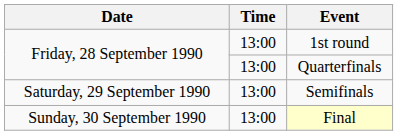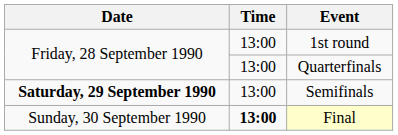 <table class = "wikitable" style="text-align:center;">
 <tr>
 <th width=220>Date</th>
 <th width=50>Time</th>
 <th width=100>Event</th>
 </tr>
 <tr>
 <td rowspan=2>Friday, 28 September 1990</td>
 <td>13:00</td>
 <td>1st round</td>
 </tr>
 <tr>
 <td>13:00</td>
 <td>Quarterfinals</td>
 </tr>
 <tr>
-<td>Saturday, 29 September 1990</td>
+<td><strong>Saturday, 29 September 1990</strong></td>
 <td>13:00</td>
 <td>Semifinals</td>
 </tr>
 <tr>
 <td>Sunday, 30 September 1990</td>
-<td>13:00</td>
+<td><strong>13:00</strong></td>
 <td bgcolor=ffffcc>Final</td>
 </tr>
 </table>
